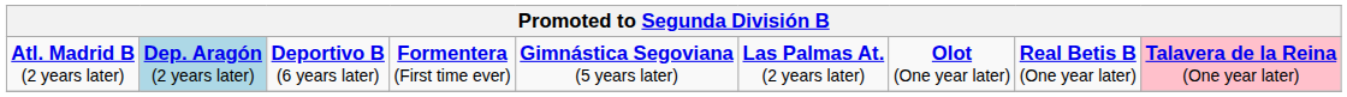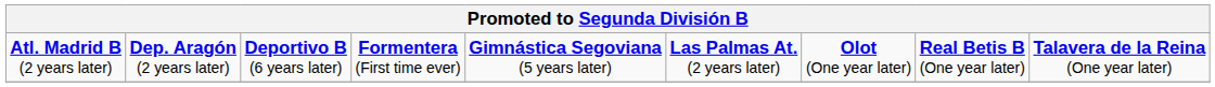 <table class="wikitable" style="text-align: center; margin: 0 auto;">
 <tr>
 <th colspan="9">Promoted to <a href='#'>Segunda División B</a></th>
 </tr>
 <tr>
 <td><strong><a href='#'>Atl. Madrid B</a></strong><br><small>(2 years later)</small></td>
-<td style="background: lightblue;"><strong><a href='#'>Dep. Aragón</a></strong><br><small>(2 years later)</small></td>
+<td><strong><a href='#'>Dep. Aragón</a></strong><br><small>(2 years later)</small></td>
 <td><strong><a href='#'>Deportivo B</a></strong><br><small>(6 years later)</small></td>
 <td><strong><a href='#'>Formentera</a></strong><br><small>(First time ever)</small></td>
 <td><strong><a href='#'>Gimnástica Segoviana</a></strong><br><small>(5 years later)</small></td>
 <td><strong><a href='#'>Las Palmas At.</a></strong><br><small>(2 years later)</small></td>
 <td><strong><a href='#'>Olot</a></strong><br><small>(One year later)</small></td>
 <td><strong><a href='#'>Real Betis B</a></strong><br><small>(One year later)</small></td>
-<td style="background: pink;"><strong><a href='#'>Talavera de la Reina</a></strong><br><small>(One year later)</small></td>
+<td><strong><a href='#'>Talavera de la Reina</a></strong><br><small>(One year later)</small></td>
 </tr>
 <tr>
 </tr>
 </table>
